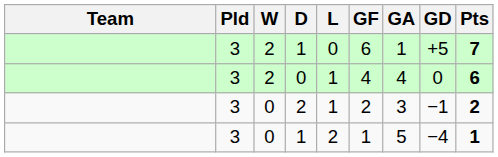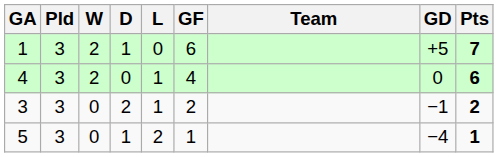 <table class="wikitable" style="text-align:center;">
 <tr>
-<th width=175>Team</th>
+<th style="width:20px;" abbr="Goals against">GA</th>
 <th style="width:20px;" abbr="Played">Pld</th>
 <th style="width:20px;" abbr="Won">W</th>
 <th style="width:20px;" abbr="Drawn">D</th>
 <th style="width:20px;" abbr="Lost">L</th>
 <th style="width:20px;" abbr="Goals for">GF</th>
-<th style="width:20px;" abbr="Goals against">GA</th>
+<th width=175>Team</th>
 <th style="width:20px;" abbr="Goal difference">GD</th>
 <th style="width:20px;" abbr="Points">Pts</th>
 </tr>
 <tr bgcolor="#ccffcc">
-<td align=left></td>
+<td>1</td>
 <td>3</td>
 <td>2</td>
 <td>1</td>
 <td>0</td>
 <td>6</td>
-<td>1</td>
+<td align=left></td>
 <td>+5</td>
 <td><strong>7</strong></td>
 </tr>
 <tr bgcolor="#ccffcc">
-<td align=left></td>
+<td>4</td>
 <td>3</td>
 <td>2</td>
 <td>0</td>
 <td>1</td>
 <td>4</td>
-<td>4</td>
+<td align=left></td>
 <td>0</td>
 <td><strong>6</strong></td>
 </tr>
 <tr>
-<td align=left></td>
+<td>3</td>
 <td>3</td>
 <td>0</td>
 <td>2</td>
 <td>1</td>
 <td>2</td>
-<td>3</td>
+<td align=left></td>
 <td>−1</td>
 <td><strong>2</strong></td>
 </tr>
 <tr>
-<td align=left></td>
+<td>5</td>
 <td>3</td>
 <td>0</td>
 <td>1</td>
 <td>2</td>
 <td>1</td>
-<td>5</td>
+<td align=left></td>
 <td>−4</td>
 <td><strong>1</strong></td>
 </tr>
 </table>
